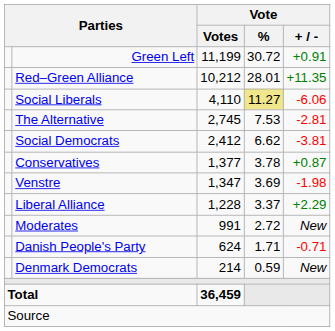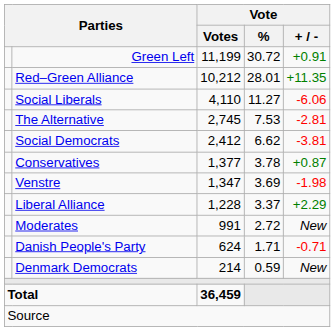 <table class="wikitable" style="text-align:right;">
 <tr>
 <th style="text-align:centre;" rowspan="2" colspan="2" width="225">Parties</th>
 <th colspan="3">Vote</th>
 </tr>
 <tr>
 <th width="15">Votes</th>
 <th width="15">%</th>
 <th width="15">+ / -</th>
 </tr>
 <tr>
 <td width=2 bgcolor=></td>
 <td><a href='#'>Green Left</a></td>
 <td>11,199</td>
 <td>30.72</td>
 <td style=color:green;>+0.91</td>
 </tr>
 <tr>
 <td width=2 bgcolor=></td>
 <td align=left><a href='#'>Red–Green Alliance</a></td>
 <td>10,212</td>
 <td>28.01</td>
 <td style=color:green;>+11.35</td>
 </tr>
 <tr>
 <td width=2 bgcolor=></td>
 <td align=left><a href='#'>Social Liberals</a></td>
 <td>4,110</td>
-<td style="background: khaki;">11.27</td>
+<td>11.27</td>
 <td style=color:red;>-6.06</td>
 </tr>
 <tr>
 <td width=2 bgcolor=></td>
 <td align=left><a href='#'>The Alternative</a></td>
 <td>2,745</td>
 <td>7.53</td>
 <td style=color:red;>-2.81</td>
 </tr>
 <tr>
 <td width=2 bgcolor=></td>
 <td align=left><a href='#'>Social Democrats</a></td>
 <td>2,412</td>
 <td>6.62</td>
 <td style=color:red;>-3.81</td>
 </tr>
 <tr>
 <td width=2 bgcolor=></td>
 <td align=left><a href='#'>Conservatives</a></td>
 <td>1,377</td>
 <td>3.78</td>
 <td style=color:green;>+0.87</td>
 </tr>
 <tr>
 <td width=2 bgcolor=></td>
 <td align=left><a href='#'>Venstre</a></td>
 <td>1,347</td>
 <td>3.69</td>
 <td style=color:red;>-1.98</td>
 </tr>
 <tr>
 <td width=2 bgcolor=></td>
 <td align=left><a href='#'>Liberal Alliance</a></td>
 <td>1,228</td>
 <td>3.37</td>
 <td style=color:green;>+2.29</td>
 </tr>
 <tr>
 <td width=2 bgcolor=></td>
 <td align=left><a href='#'>Moderates</a></td>
 <td>991</td>
 <td>2.72</td>
 <td><em>New</em></td>
 </tr>
 <tr>
 <td width=2 bgcolor=></td>
 <td align=left><a href='#'>Danish People's Party</a></td>
 <td>624</td>
 <td>1.71</td>
 <td style=color:red;>-0.71</td>
 </tr>
 <tr>
 <td width=2 bgcolor=></td>
 <td align=left><a href='#'>Denmark Democrats</a></td>
 <td>214</td>
 <td>0.59</td>
 <td><em>New</em></td>
 </tr>
 <tr>
 <td colspan="7" bgcolor="#E9E9E9"></td>
 </tr>
 <tr>
 <td align="left" colspan="2"><strong>Total</strong></td>
 <td><strong>36,459</strong></td>
 <td bgcolor=#E9E9E9 colspan=2></td>
 </tr>
 <tr>
 <td align="left" colspan="6">Source</td>
 </tr>
 </table>
